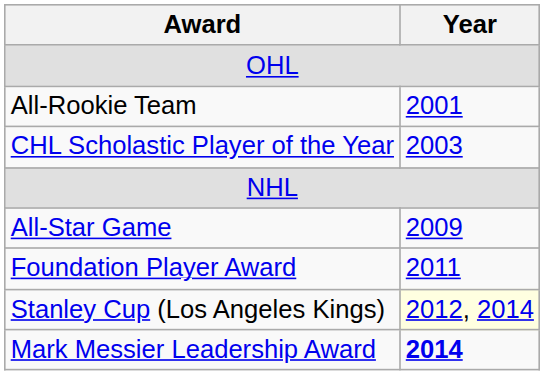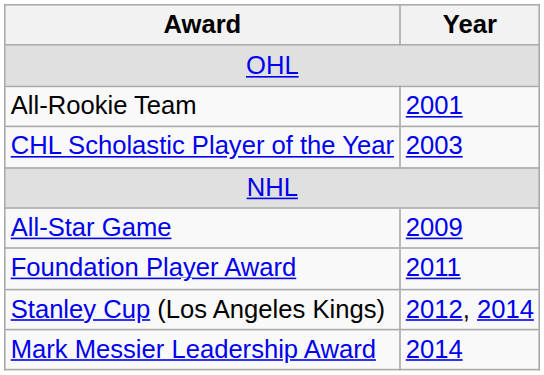 <table class="wikitable">
 <tr>
 <th>Award</th>
 <th>Year</th>
 </tr>
 <tr ALIGN="center" bgcolor="#e0e0e0">
 <td colspan="2"><a href='#'>OHL</a></td>
 </tr>
 <tr>
 <td>All-Rookie Team</td>
 <td><a href='#'>2001</a></td>
 </tr>
 <tr>
 <td><a href='#'>CHL Scholastic Player of the Year</a></td>
 <td><a href='#'>2003</a></td>
 </tr>
 <tr ALIGN="center" bgcolor="#e0e0e0">
 <td colspan="2"><a href='#'>NHL</a></td>
 </tr>
 <tr>
 <td><a href='#'>All-Star Game</a></td>
 <td><a href='#'>2009</a></td>
 </tr>
 <tr>
 <td><a href='#'>Foundation Player Award</a></td>
 <td><a href='#'>2011</a></td>
 </tr>
 <tr>
 <td><a href='#'>Stanley Cup</a> (Los Angeles Kings)</td>
-<td style="background: lightyellow;"><a href='#'>2012</a>, <a href='#'>2014</a></td>
+<td><a href='#'>2012</a>, <a href='#'>2014</a></td>
 </tr>
 <tr>
 <td><a href='#'>Mark Messier Leadership Award</a></td>
-<td><strong><a href='#'>2014</a></strong></td>
+<td><a href='#'>2014</a></td>
 </tr>
 </table>
